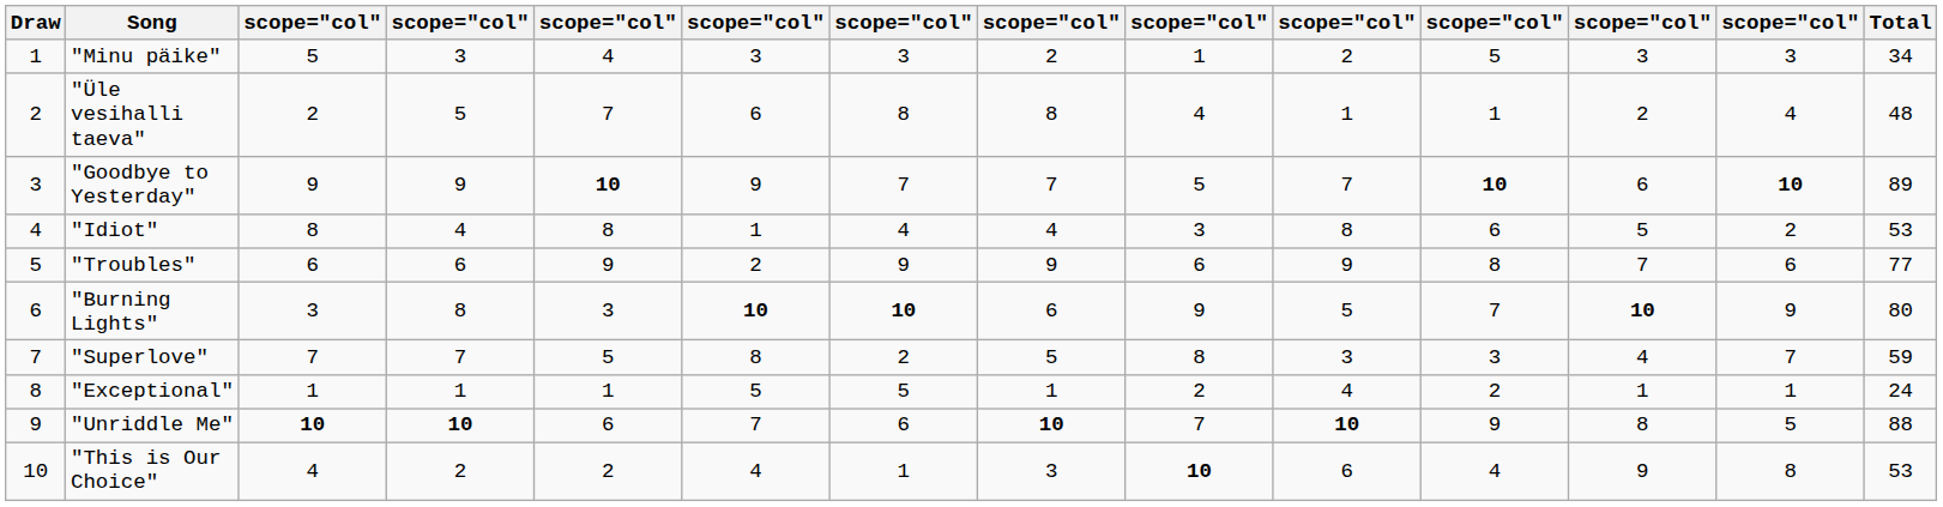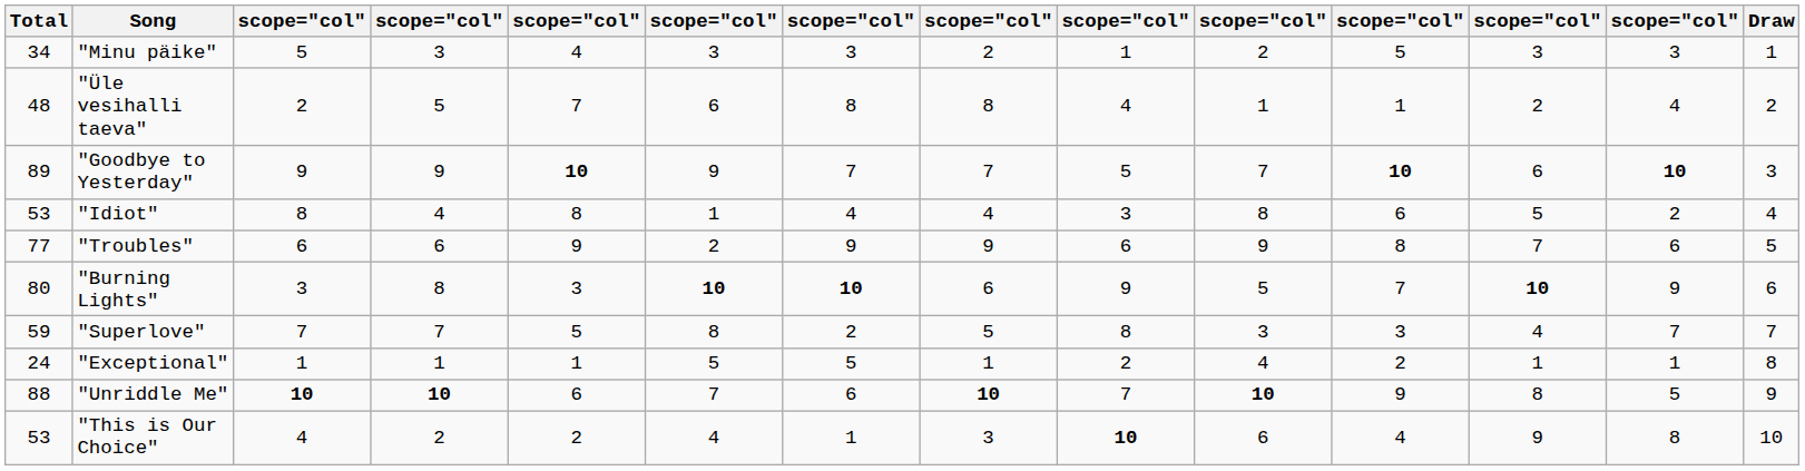 <table class="wikitable collapsible" style="margin: 1em auto 1em auto; text-align:center;">
 <tr>
-<th>Draw</th>
+<th>Total</th>
 <th>Song</th>
 <th>scope="col" </th>
 <th>scope="col" </th>
 <th>scope="col" </th>
 <th>scope="col" </th>
 <th>scope="col" </th>
 <th>scope="col" </th>
 <th>scope="col" </th>
 <th>scope="col" </th>
 <th>scope="col" </th>
 <th>scope="col" </th>
 <th>scope="col" </th>
-<th>Total</th>
+<th>Draw</th>
 </tr>
 <tr>
-<td>1</td>
+<td>34</td>
 <td align="left">"Minu päike"</td>
 <td>5</td>
 <td>3</td>
 <td>4</td>
 <td>3</td>
 <td>3</td>
 <td>2</td>
 <td>1</td>
 <td>2</td>
 <td>5</td>
 <td>3</td>
 <td>3</td>
-<td>34</td>
+<td>1</td>
 </tr>
 <tr>
-<td>2</td>
+<td>48</td>
 <td align="left">"Üle vesihalli taeva"</td>
 <td>2</td>
 <td>5</td>
 <td>7</td>
 <td>6</td>
 <td>8</td>
 <td>8</td>
 <td>4</td>
 <td>1</td>
 <td>1</td>
 <td>2</td>
 <td>4</td>
-<td>48</td>
+<td>2</td>
 </tr>
 <tr>
-<td>3</td>
+<td>89</td>
 <td align="left">"Goodbye to Yesterday"</td>
 <td>9</td>
 <td>9</td>
 <td><strong>10</strong></td>
 <td>9</td>
 <td>7</td>
 <td>7</td>
 <td>5</td>
 <td>7</td>
 <td><strong>10</strong></td>
 <td>6</td>
 <td><strong>10</strong></td>
-<td>89</td>
+<td>3</td>
 </tr>
 <tr>
-<td>4</td>
+<td>53</td>
 <td align="left">"Idiot"</td>
 <td>8</td>
 <td>4</td>
 <td>8</td>
 <td>1</td>
 <td>4</td>
 <td>4</td>
 <td>3</td>
 <td>8</td>
 <td>6</td>
 <td>5</td>
 <td>2</td>
-<td>53</td>
+<td>4</td>
 </tr>
 <tr>
-<td>5</td>
+<td>77</td>
 <td align="left">"Troubles"</td>
 <td>6</td>
 <td>6</td>
 <td>9</td>
 <td>2</td>
 <td>9</td>
 <td>9</td>
 <td>6</td>
 <td>9</td>
 <td>8</td>
 <td>7</td>
 <td>6</td>
-<td>77</td>
+<td>5</td>
 </tr>
 <tr>
-<td>6</td>
+<td>80</td>
 <td align="left">"Burning Lights"</td>
 <td>3</td>
 <td>8</td>
 <td>3</td>
 <td><strong>10</strong></td>
 <td><strong>10</strong></td>
 <td>6</td>
 <td>9</td>
 <td>5</td>
 <td>7</td>
 <td><strong>10</strong></td>
 <td>9</td>
-<td>80</td>
+<td>6</td>
 </tr>
 <tr>
-<td>7</td>
+<td>59</td>
 <td align="left">"Superlove"</td>
 <td>7</td>
 <td>7</td>
 <td>5</td>
 <td>8</td>
 <td>2</td>
 <td>5</td>
 <td>8</td>
 <td>3</td>
 <td>3</td>
 <td>4</td>
 <td>7</td>
-<td>59</td>
+<td>7</td>
 </tr>
 <tr>
-<td>8</td>
+<td>24</td>
 <td align="left">"Exceptional"</td>
 <td>1</td>
 <td>1</td>
 <td>1</td>
 <td>5</td>
 <td>5</td>
 <td>1</td>
 <td>2</td>
 <td>4</td>
 <td>2</td>
 <td>1</td>
 <td>1</td>
-<td>24</td>
+<td>8</td>
 </tr>
 <tr>
-<td>9</td>
+<td>88</td>
 <td align="left">"Unriddle Me"</td>
 <td><strong>10</strong></td>
 <td><strong>10</strong></td>
 <td>6</td>
 <td>7</td>
 <td>6</td>
 <td><strong>10</strong></td>
 <td>7</td>
 <td><strong>10</strong></td>
 <td>9</td>
 <td>8</td>
 <td>5</td>
-<td>88</td>
+<td>9</td>
 </tr>
 <tr>
-<td>10</td>
+<td>53</td>
 <td align="left">"This is Our Choice"</td>
 <td>4</td>
 <td>2</td>
 <td>2</td>
 <td>4</td>
 <td>1</td>
 <td>3</td>
 <td><strong>10</strong></td>
 <td>6</td>
 <td>4</td>
 <td>9</td>
 <td>8</td>
-<td>53</td>
+<td>10</td>
 </tr>
 </table>
